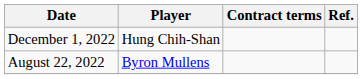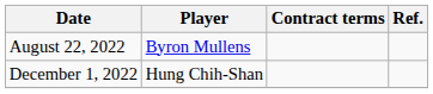 <table class="wikitable">
 <tr>
 <th>Date</th>
 <th>Player</th>
 <th>Contract terms</th>
 <th>Ref.</th>
 </tr>
 <tr>
+<td>August 22, 2022</td>
+<td><a href='#'>Byron Mullens</a></td>
+<td></td>
+<td></td>
+</tr>
+<tr>
 <td>December 1, 2022</td>
 <td>Hung Chih-Shan</td>
 <td></td>
 <td></td>
 </tr>
 <tr>
-<td>August 22, 2022</td>
-<td><a href='#'>Byron Mullens</a></td>
-<td></td>
-<td></td>
-</tr>
-<tr>
 </tr>
 </table>
